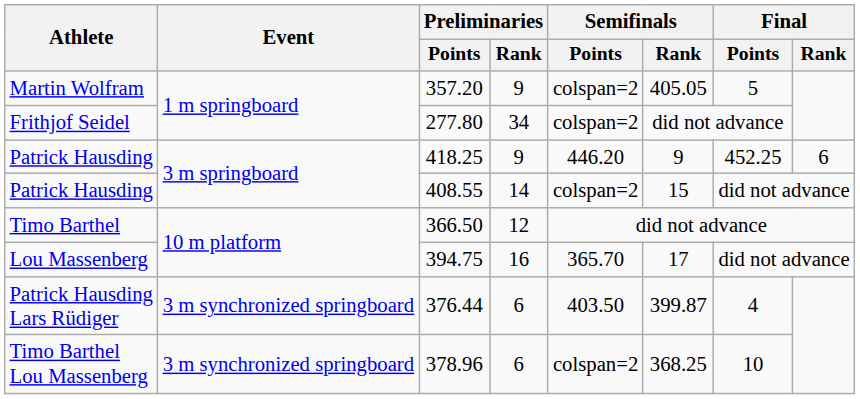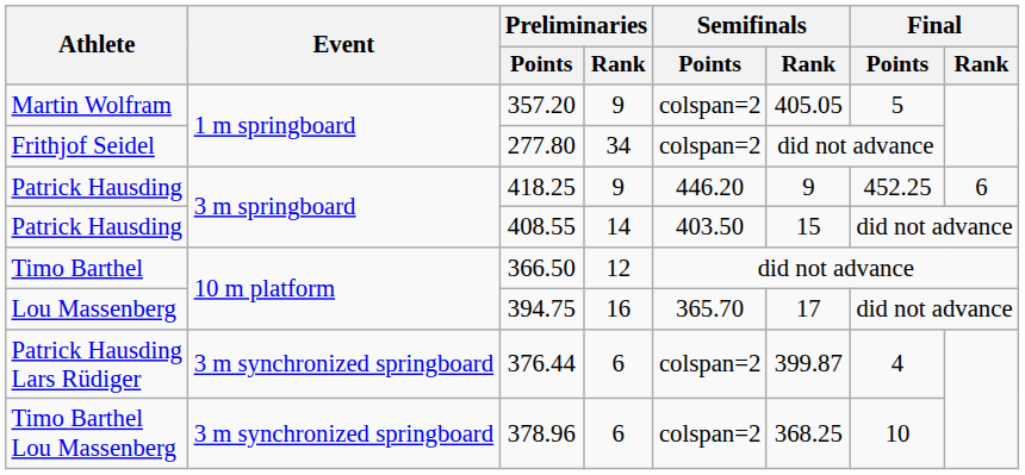 <table class=wikitable style="font-size:90%;">
 <tr>
 <th rowspan="2">Athlete</th>
 <th rowspan="2">Event</th>
 <th colspan="2">Preliminaries</th>
 <th colspan="2">Semifinals</th>
 <th colspan="2">Final</th>
 </tr>
 <tr style="font-size:95%">
 <th>Points</th>
 <th>Rank</th>
 <th>Points</th>
 <th>Rank</th>
 <th>Points</th>
 <th>Rank</th>
 </tr>
 <tr align=center>
 <td align=left><a href='#'>Martin Wolfram</a></td>
 <td align=left rowspan=2><a href='#'>1 m springboard</a></td>
 <td>357.20</td>
 <td>9</td>
 <td>colspan=2 </td>
 <td>405.05</td>
 <td>5</td>
 </tr>
 <tr align=center>
 <td align=left><a href='#'>Frithjof Seidel</a></td>
 <td>277.80</td>
 <td>34</td>
 <td>colspan=2 </td>
 <td colspan=2>did not advance</td>
 </tr>
 <tr align=center>
 <td align=left><a href='#'>Patrick Hausding</a></td>
 <td align=left rowspan=2><a href='#'>3 m springboard</a></td>
 <td>418.25</td>
 <td>9</td>
 <td>446.20</td>
 <td>9</td>
 <td>452.25</td>
 <td>6</td>
 </tr>
 <tr align=center>
 <td align=left><a href='#'>Patrick Hausding</a></td>
 <td>408.55</td>
 <td>14</td>
-<td>colspan=2 </td>
+<td>403.50</td>
 <td>15</td>
 <td colspan=2>did not advance</td>
 </tr>
 <tr align=center>
 <td align=left><a href='#'>Timo Barthel</a></td>
 <td align=left rowspan=2><a href='#'>10 m platform</a></td>
 <td>366.50</td>
 <td>12</td>
 <td colspan=4>did not advance</td>
 </tr>
 <tr align=center>
 <td align=left><a href='#'>Lou Massenberg</a></td>
 <td>394.75</td>
 <td>16</td>
 <td>365.70</td>
 <td>17</td>
 <td colspan=2>did not advance</td>
 </tr>
 <tr align=center>
 <td align=left><a href='#'>Patrick Hausding</a><br><a href='#'>Lars Rüdiger</a></td>
 <td align=left><a href='#'>3 m synchronized springboard</a></td>
 <td>376.44</td>
 <td>6</td>
-<td>403.50</td>
+<td>colspan=2 </td>
 <td>399.87</td>
 <td>4</td>
 </tr>
 <tr align=center>
 <td align=left><a href='#'>Timo Barthel</a><br><a href='#'>Lou Massenberg</a></td>
 <td align=left><a href='#'>3 m synchronized springboard</a></td>
 <td>378.96</td>
 <td>6</td>
 <td>colspan=2 </td>
 <td>368.25</td>
 <td>10</td>
 </tr>
 </table>
